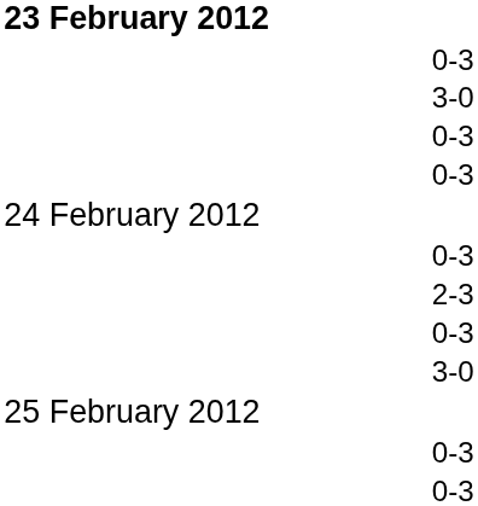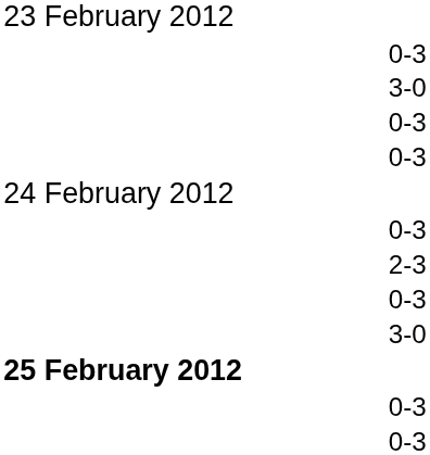 <table style="width:50%;" cellspacing="1">
 <tr>
 <th width=15%></th>
 <th width=10%></th>
 <th width=15%></th>
 </tr>
 <tr>
-<td><strong>23 February 2012</strong></td>
+<td>23 February 2012</td>
 </tr>
 <tr style=font-size:90%>
 <td align=right></td>
 <td align=center>0-3</td>
 <td></td>
 </tr>
 <tr style=font-size:90%>
 <td align=right></td>
 <td align=center>3-0</td>
 <td></td>
 </tr>
 <tr style=font-size:90%>
 <td align=right></td>
 <td align=center>0-3</td>
 <td></td>
 </tr>
 <tr style=font-size:90%>
 <td align=right></td>
 <td align=center>0-3</td>
 <td></td>
 </tr>
 <tr>
 <td>24 February 2012</td>
 </tr>
 <tr style=font-size:90%>
 <td align=right></td>
 <td align=center>0-3</td>
 <td></td>
 </tr>
 <tr style=font-size:90%>
 <td align=right></td>
 <td align=center>2-3</td>
 <td></td>
 </tr>
 <tr style=font-size:90%>
 <td align=right></td>
 <td align=center>0-3</td>
 <td></td>
 </tr>
 <tr style=font-size:90%>
 <td align=right></td>
 <td align=center>3-0</td>
 <td></td>
 </tr>
 <tr>
-<td>25 February 2012</td>
+<td><strong>25 February 2012</strong></td>
 </tr>
 <tr style=font-size:90%>
 <td align=right></td>
 <td align=center>0-3</td>
 <td></td>
 </tr>
 <tr style=font-size:90%>
 <td align=right></td>
 <td align=center>0-3</td>
 <td></td>
 </tr>
 </table>
